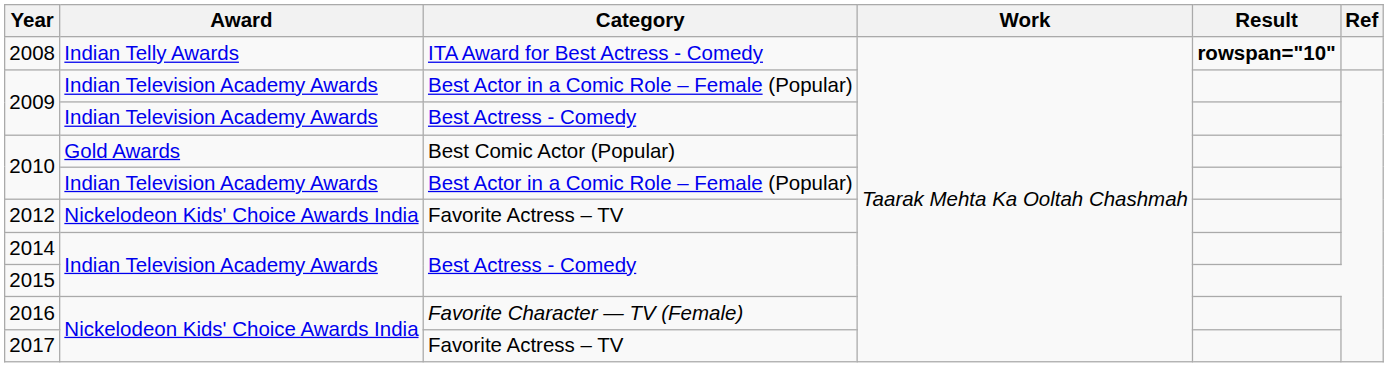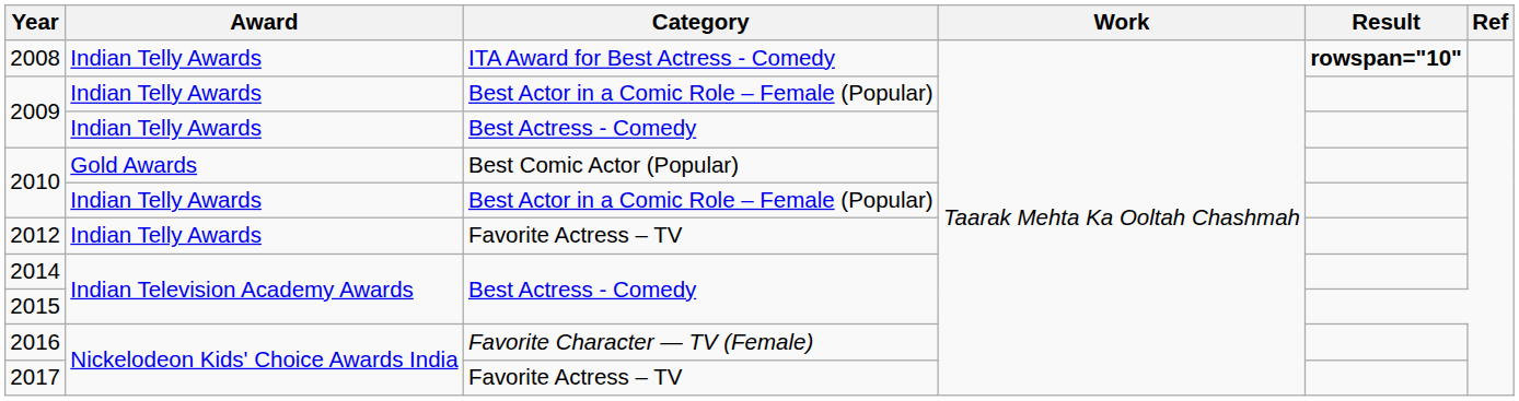 <table class="wikitable">
 <tr>
 <th>Year</th>
 <th>Award</th>
 <th>Category</th>
 <th>Work</th>
 <th>Result</th>
 <th>Ref</th>
 </tr>
 <tr>
 <td>2008</td>
 <td><a href='#'>Indian Telly Awards</a></td>
 <td><a href='#'>ITA Award for Best Actress - Comedy</a></td>
 <td rowspan="10"><em>Taarak Mehta Ka Ooltah Chashmah</em></td>
 <td><strong>rowspan="10" </strong></td>
 <td></td>
 </tr>
 <tr>
 <td rowspan="2">2009</td>
-<td><a href='#'>Indian Television Academy Awards</a></td>
+<td><a href='#'>Indian Telly Awards</a></td>
 <td><a href='#'>Best Actor in a Comic Role – Female</a> (Popular)</td>
 <td></td>
 </tr>
 <tr>
-<td><a href='#'>Indian Television Academy Awards</a></td>
+<td><a href='#'>Indian Telly Awards</a></td>
 <td><a href='#'>Best Actress - Comedy</a></td>
 <td></td>
 </tr>
 <tr>
 <td rowspan="2">2010</td>
 <td><a href='#'>Gold Awards</a></td>
 <td>Best Comic Actor (Popular)</td>
 <td></td>
 </tr>
 <tr>
-<td><a href='#'>Indian Television Academy Awards</a></td>
+<td><a href='#'>Indian Telly Awards</a></td>
 <td><a href='#'>Best Actor in a Comic Role – Female</a> (Popular)</td>
 <td></td>
 </tr>
 <tr>
 <td>2012</td>
-<td><a href='#'>Nickelodeon Kids' Choice Awards India</a></td>
+<td><a href='#'>Indian Telly Awards</a></td>
 <td>Favorite Actress – TV</td>
 <td></td>
 </tr>
 <tr>
 <td>2014</td>
 <td rowspan="2"><a href='#'>Indian Television Academy Awards</a></td>
 <td rowspan="2"><a href='#'>Best Actress - Comedy</a></td>
 <td></td>
 </tr>
 <tr>
 <td>2015</td>
 </tr>
 <tr>
 <td>2016</td>
 <td rowspan="2"><a href='#'>Nickelodeon Kids' Choice Awards India</a></td>
 <td><em>Favorite Character — TV (Female)</em></td>
 <td></td>
 </tr>
 <tr>
 <td>2017</td>
 <td>Favorite Actress – TV</td>
 <td></td>
 </tr>
 </table>
